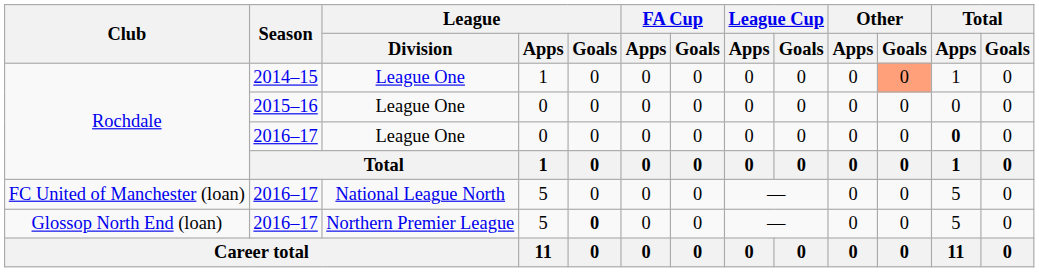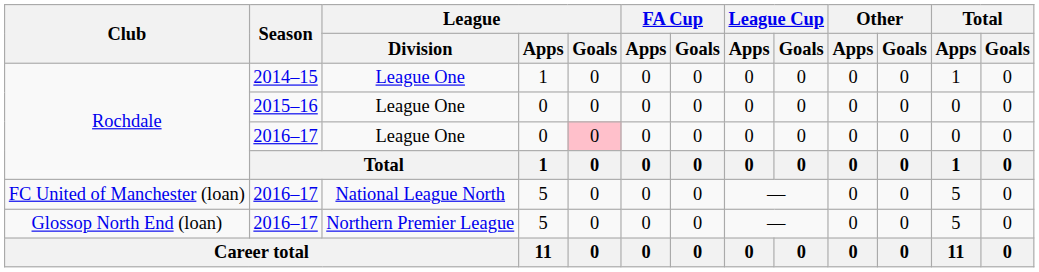 <table class="wikitable" style="text-align: center;">
 <tr>
 <th rowspan="2">Club</th>
 <th rowspan="2">Season</th>
 <th colspan="3">League</th>
 <th colspan="2"><a href='#'>FA Cup</a></th>
 <th colspan="2"><a href='#'>League Cup</a></th>
 <th colspan="2">Other</th>
 <th colspan="2">Total</th>
 </tr>
 <tr>
 <th>Division</th>
 <th>Apps</th>
 <th>Goals</th>
 <th>Apps</th>
 <th>Goals</th>
 <th>Apps</th>
 <th>Goals</th>
 <th>Apps</th>
 <th>Goals</th>
 <th>Apps</th>
 <th>Goals</th>
 </tr>
 <tr>
 <td rowspan="4" valign="center"><a href='#'>Rochdale</a></td>
 <td><a href='#'>2014–15</a></td>
 <td><a href='#'>League One</a></td>
 <td>1</td>
 <td>0</td>
 <td>0</td>
 <td>0</td>
 <td>0</td>
 <td>0</td>
 <td>0</td>
-<td style="background: lightsalmon;">0</td>
+<td>0</td>
 <td>1</td>
 <td>0</td>
 </tr>
 <tr>
 <td><a href='#'>2015–16</a></td>
 <td>League One</td>
 <td>0</td>
 <td>0</td>
 <td>0</td>
 <td>0</td>
 <td>0</td>
 <td>0</td>
 <td>0</td>
 <td>0</td>
 <td>0</td>
 <td>0</td>
 </tr>
 <tr>
 <td><a href='#'>2016–17</a></td>
 <td>League One</td>
 <td>0</td>
+<td style="background: pink;">0</td>
 <td>0</td>
 <td>0</td>
 <td>0</td>
 <td>0</td>
 <td>0</td>
 <td>0</td>
 <td>0</td>
-<td><strong>0</strong></td>
 <td>0</td>
 </tr>
 <tr>
 <th colspan="2">Total</th>
 <th>1</th>
 <th>0</th>
 <th>0</th>
 <th>0</th>
 <th>0</th>
 <th>0</th>
 <th>0</th>
 <th>0</th>
 <th>1</th>
 <th>0</th>
 </tr>
 <tr>
 <td rowspan="1" valign="center"><a href='#'>FC United of Manchester</a> (loan)</td>
 <td><a href='#'>2016–17</a></td>
 <td><a href='#'>National League North</a></td>
 <td>5</td>
 <td>0</td>
 <td>0</td>
 <td>0</td>
 <td colspan="2">—</td>
 <td>0</td>
 <td>0</td>
 <td>5</td>
 <td>0</td>
 </tr>
 <tr>
 <td rowspan="1" valign="center"><a href='#'>Glossop North End</a> (loan)</td>
 <td><a href='#'>2016–17</a></td>
 <td><a href='#'>Northern Premier League</a></td>
 <td>5</td>
-<td><strong>0</strong></td>
+<td>0</td>
 <td>0</td>
 <td>0</td>
 <td colspan="2">—</td>
 <td>0</td>
 <td>0</td>
 <td>5</td>
 <td>0</td>
 </tr>
 <tr>
 <th colspan="3">Career total</th>
 <th>11</th>
 <th>0</th>
 <th>0</th>
 <th>0</th>
 <th>0</th>
 <th>0</th>
 <th>0</th>
 <th>0</th>
 <th>11</th>
 <th>0</th>
 </tr>
 </table>
